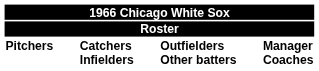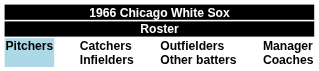 <table class="toccolours" style="font-size: 95%;">
 <tr>
 <th colspan="10" style="background-color: black; color: white; text-align: center;">1966 Chicago White Sox</th>
 </tr>
 <tr>
 <td colspan="10" style="background-color: black; color: white; text-align: center;"><strong>Roster</strong></td>
 </tr>
 <tr>
-<td valign="top"><strong>Pitchers</strong><br>            </td>
+<td valign="top" style="background: lightblue;"><strong>Pitchers</strong><br>            </td>
 <td width="25px"></td>
 <td valign="top"><strong>Catchers</strong><br>     <strong>Infielders</strong>           </td>
 <td width="25px"></td>
 <td valign="top"><strong>Outfielders</strong><br>         <strong>Other batters</strong> </td>
 <td width="25px"></td>
 <td valign="top"><strong>Manager</strong><br> <strong>Coaches</strong>    </td>
 </tr>
 </table>
